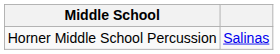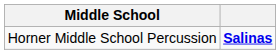 <table class="wikitable">
 <tr>
 <th>Middle School</th>
 <th></th>
 </tr>
 <tr>
 <td>Horner Middle School Percussion</td>
-<td><a href='#'>Salinas</a></td>
+<td><strong><a href='#'>Salinas</a></strong></td>
 </tr>
 </table>
